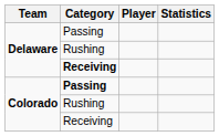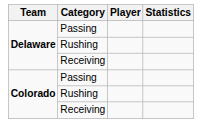 <table class="wikitable" style="float: right;">
 <tr>
 <th>Team</th>
 <th>Category</th>
 <th>Player</th>
 <th>Statistics</th>
 </tr>
 <tr>
 <td rowspan=3><strong>Delaware</strong></td>
 <td>Passing</td>
 <td></td>
 <td></td>
 </tr>
 <tr>
 <td>Rushing</td>
 <td></td>
 <td></td>
 </tr>
 <tr>
-<td><strong>Receiving</strong></td>
+<td>Receiving</td>
 <td></td>
 <td></td>
 </tr>
 <tr>
 <td rowspan=3><strong>Colorado</strong></td>
-<td><strong>Passing</strong></td>
+<td>Passing</td>
 <td></td>
 <td></td>
 </tr>
 <tr>
 <td>Rushing</td>
 <td></td>
 <td></td>
 </tr>
 <tr>
 <td>Receiving</td>
 <td></td>
 <td></td>
 </tr>
 </table>
